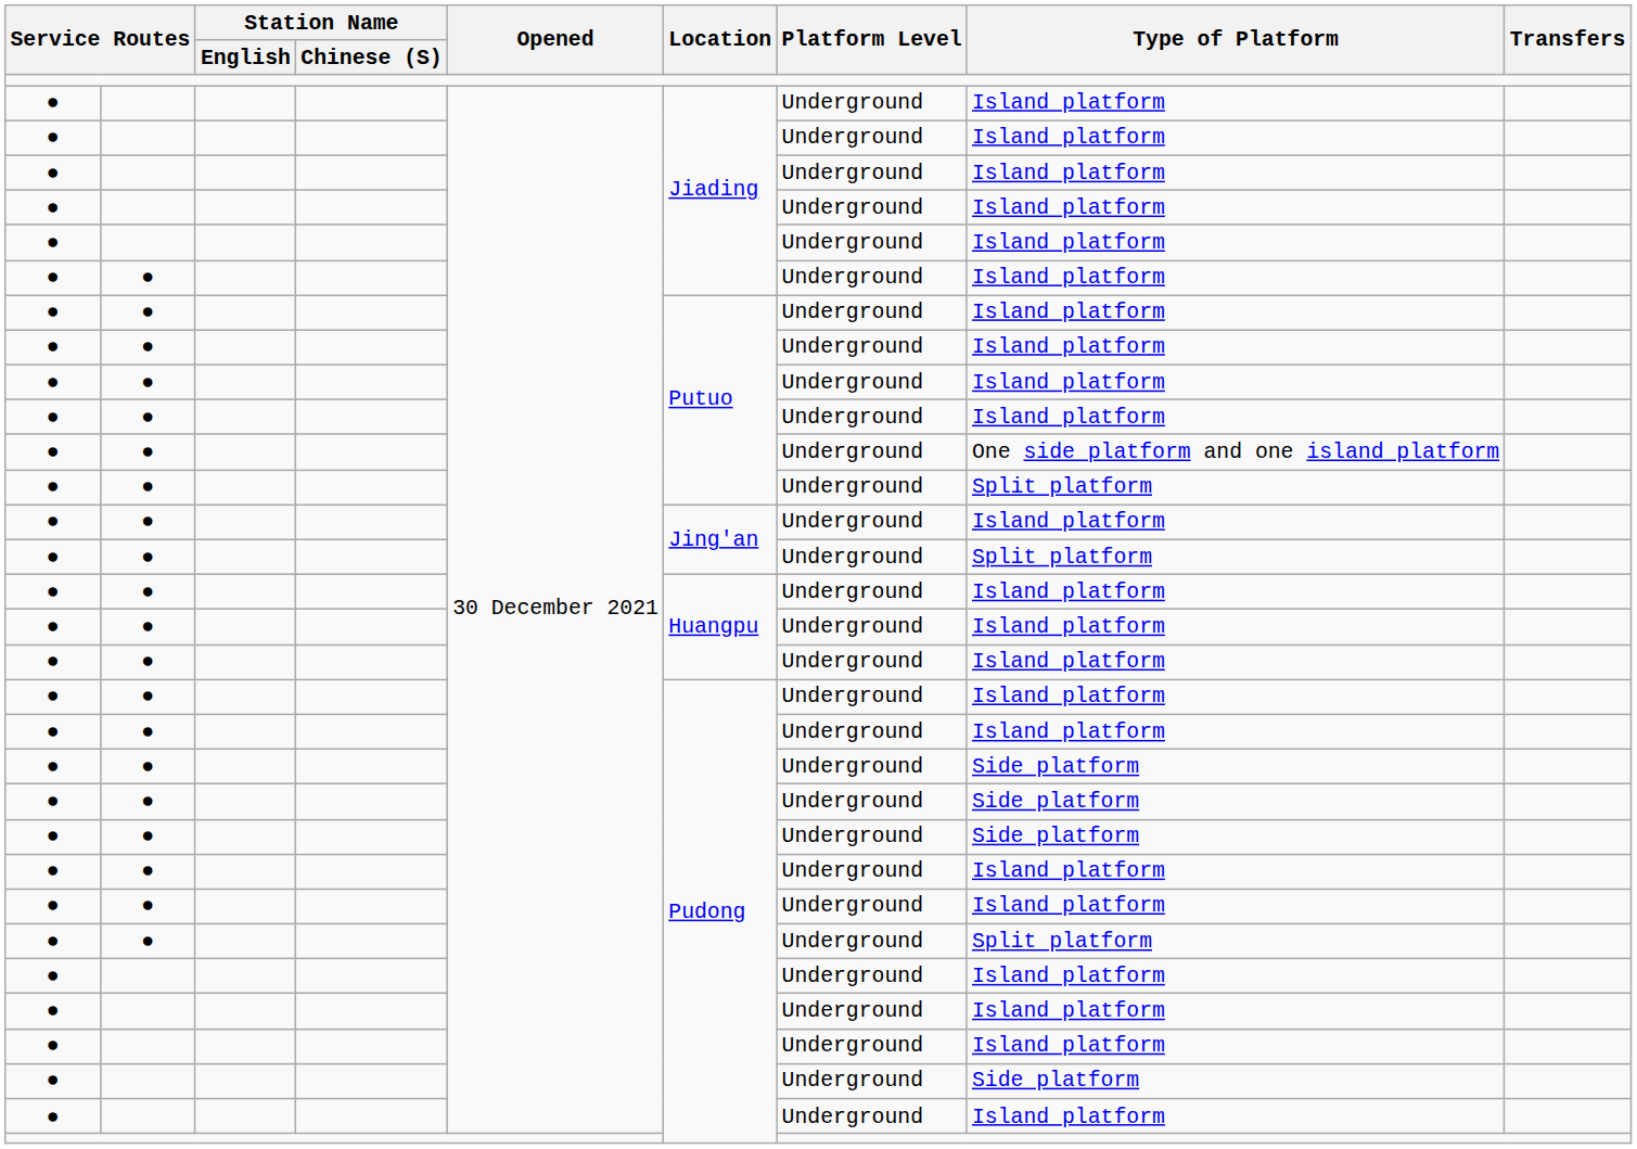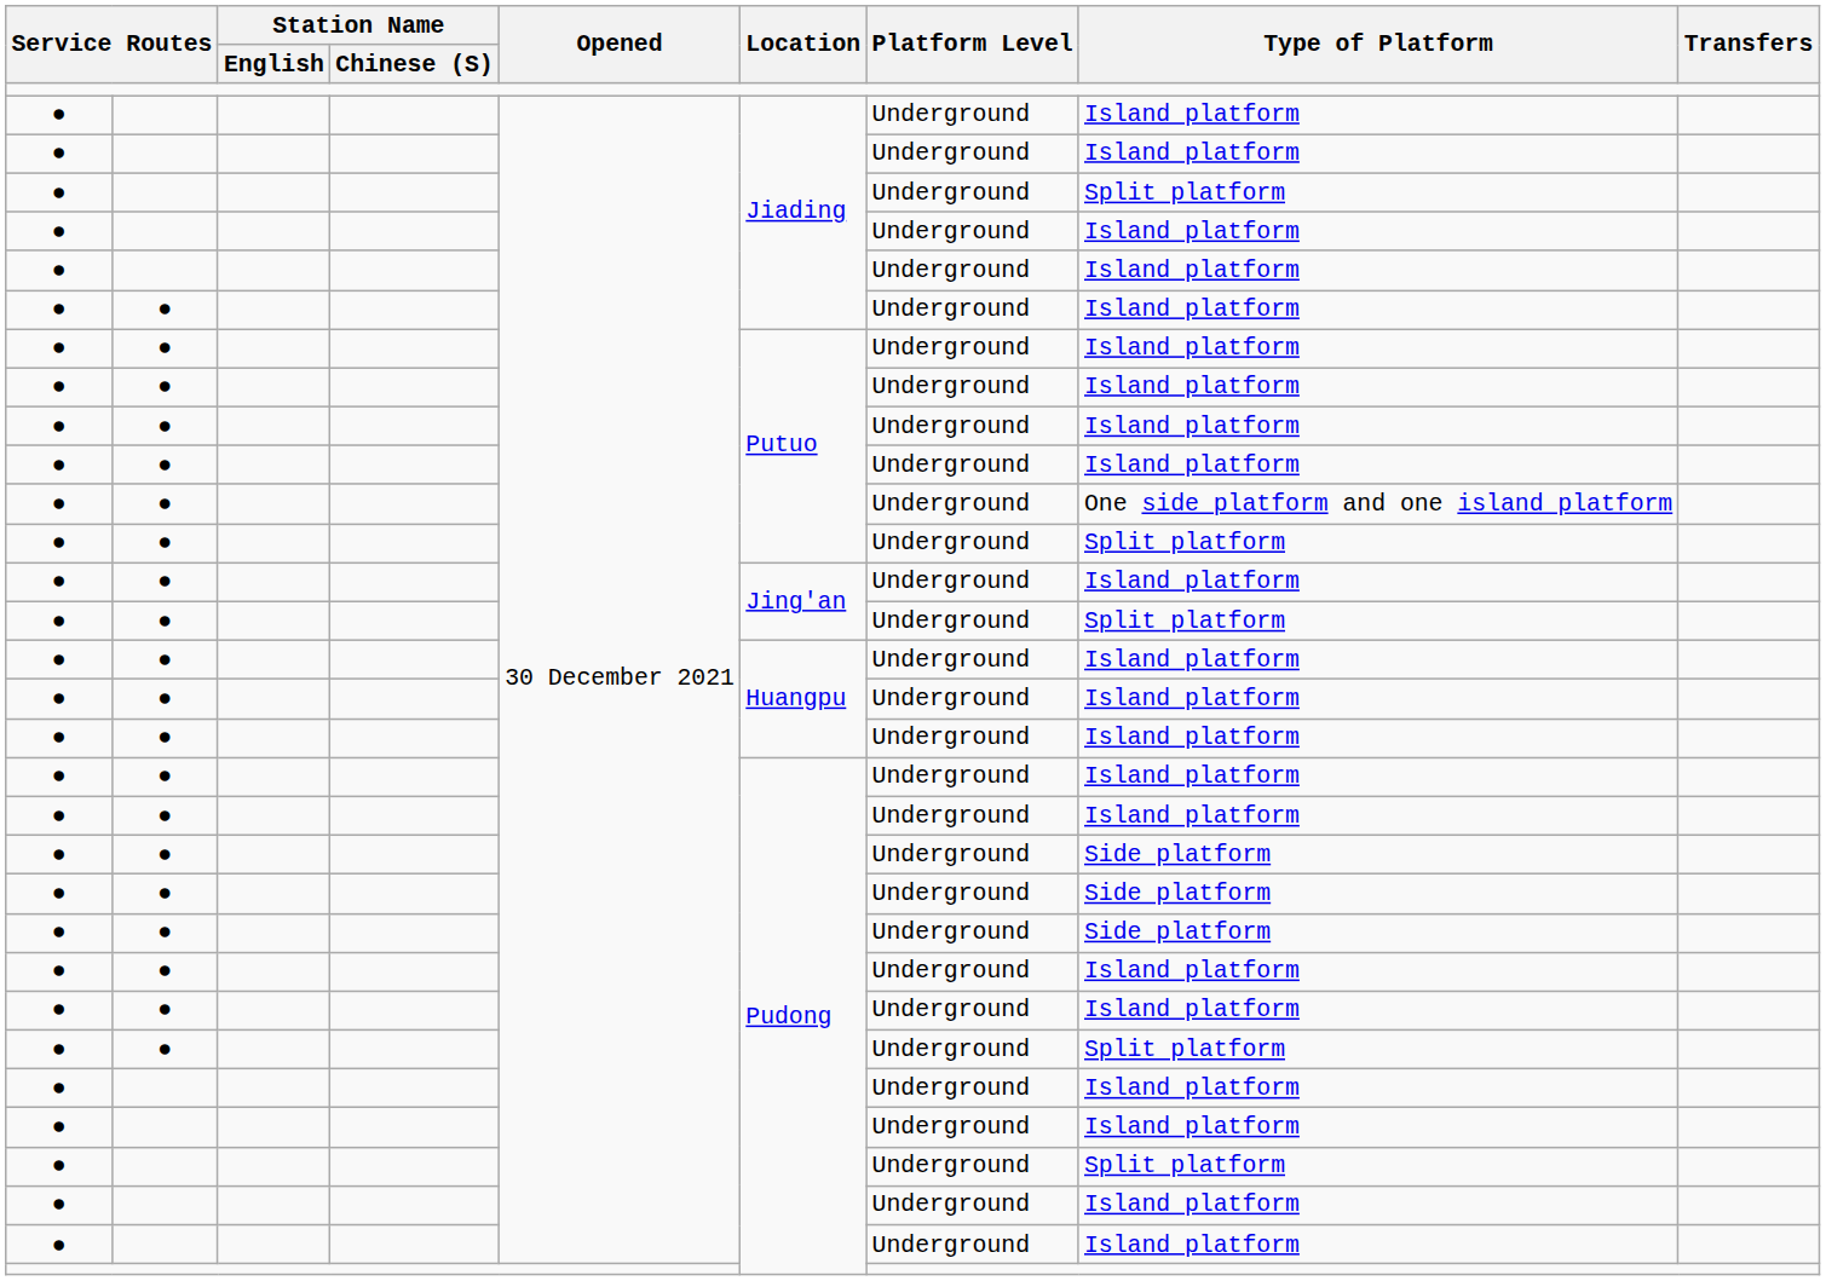 <table class=wikitable>
 <tr>
 <th colspan=2 rowspan=2>Service Routes</th>
 <th colspan=2 style="text-align:center;">Station Name</th>
 <th rowspan=2>Opened</th>
 <th rowspan=2 style="text-align:center;">Location</th>
 <th rowspan=2>Platform Level</th>
 <th rowspan=2>Type of Platform</th>
 <th rowspan=2 style="text-align:center;">Transfers</th>
 </tr>
 <tr>
 <th>English</th>
 <th>Chinese (S)</th>
 </tr>
 <tr style="background:#">
 <td colspan = "9"></td>
 </tr>
 <tr>
 <td align="center">●</td>
 <td align="center"></td>
 <td></td>
 <td><span></span></td>
 <td rowspan=30>30 December 2021</td>
 <td rowspan=6><a href='#'>Jiading</a></td>
 <td>Underground</td>
 <td><a href='#'>Island platform</a></td>
 <td></td>
 </tr>
 <tr>
 <td align="center">●</td>
 <td align="center"></td>
 <td></td>
 <td><span></span></td>
 <td>Underground</td>
 <td><a href='#'>Island platform</a></td>
 <td></td>
 </tr>
 <tr>
 <td align="center">●</td>
 <td align="center"></td>
 <td></td>
 <td><span></span></td>
 <td>Underground</td>
-<td><a href='#'>Island platform</a></td>
+<td><a href='#'>Split platform</a></td>
 <td></td>
 </tr>
 <tr>
 <td align="center">●</td>
 <td align="center"></td>
 <td></td>
 <td><span></span></td>
 <td>Underground</td>
 <td><a href='#'>Island platform</a></td>
 <td></td>
 </tr>
 <tr>
 <td align="center">●</td>
 <td align="center"></td>
 <td></td>
 <td><span></span></td>
 <td>Underground</td>
 <td><a href='#'>Island platform</a></td>
 <td></td>
 </tr>
 <tr>
 <td align="center">●</td>
 <td align="center">●</td>
 <td></td>
 <td><span></span></td>
 <td>Underground</td>
 <td><a href='#'>Island platform</a></td>
 <td></td>
 </tr>
 <tr>
 <td align="center">●</td>
 <td align="center">●</td>
 <td></td>
 <td><span></span></td>
 <td rowspan=6><a href='#'>Putuo</a></td>
 <td>Underground</td>
 <td><a href='#'>Island platform</a></td>
 <td></td>
 </tr>
 <tr>
 <td align="center">●</td>
 <td align="center">●</td>
 <td></td>
 <td><span></span></td>
 <td>Underground</td>
 <td><a href='#'>Island platform</a></td>
 <td></td>
 </tr>
 <tr>
 <td align="center">●</td>
 <td align="center">●</td>
 <td></td>
 <td><span></span></td>
 <td>Underground</td>
 <td><a href='#'>Island platform</a></td>
 <td></td>
 </tr>
 <tr>
 <td align="center">●</td>
 <td align="center">●</td>
 <td></td>
 <td><span></span></td>
 <td>Underground</td>
 <td><a href='#'>Island platform</a></td>
 <td></td>
 </tr>
 <tr>
 <td align="center">●</td>
 <td align="center">●</td>
 <td></td>
 <td><span></span></td>
 <td>Underground</td>
 <td>One <a href='#'>side platform</a> and one <a href='#'>island platform</a></td>
 <td></td>
 </tr>
 <tr>
 <td align="center">●</td>
 <td align="center">●</td>
 <td></td>
 <td><span></span></td>
 <td>Underground</td>
 <td><a href='#'>Split platform</a></td>
 <td></td>
 </tr>
 <tr>
 <td align="center">●</td>
 <td align="center">●</td>
 <td></td>
 <td><span></span></td>
 <td rowspan=2><a href='#'>Jing'an</a></td>
 <td>Underground</td>
 <td><a href='#'>Island platform</a></td>
 <td></td>
 </tr>
 <tr>
 <td align="center">●</td>
 <td align="center">●</td>
 <td></td>
 <td><span></span></td>
 <td>Underground</td>
 <td><a href='#'>Split platform</a></td>
 <td></td>
 </tr>
 <tr>
 <td align="center">●</td>
 <td align="center">●</td>
 <td></td>
 <td><span></span></td>
 <td rowspan=3><a href='#'>Huangpu</a></td>
 <td>Underground</td>
 <td><a href='#'>Island platform</a></td>
 <td></td>
 </tr>
 <tr>
 <td align="center">●</td>
 <td align="center">●</td>
 <td></td>
 <td><span></span></td>
 <td>Underground</td>
 <td><a href='#'>Island platform</a></td>
 <td></td>
 </tr>
 <tr>
 <td align="center">●</td>
 <td align="center">●</td>
 <td></td>
 <td><span></span></td>
 <td>Underground</td>
 <td><a href='#'>Island platform</a></td>
 <td></td>
 </tr>
 <tr>
 <td align="center">●</td>
 <td align="center">●</td>
 <td></td>
 <td><span></span></td>
 <td rowspan="14"><a href='#'>Pudong</a></td>
 <td>Underground</td>
 <td><a href='#'>Island platform</a></td>
 <td></td>
 </tr>
 <tr>
 <td align="center">●</td>
 <td align="center">●</td>
 <td></td>
 <td><span></span></td>
 <td>Underground</td>
 <td><a href='#'>Island platform</a></td>
 <td></td>
 </tr>
 <tr>
 <td align="center">●</td>
 <td align="center">●</td>
 <td></td>
 <td><span></span></td>
 <td>Underground</td>
 <td><a href='#'>Side platform</a></td>
 <td></td>
 </tr>
 <tr>
 <td align="center">●</td>
 <td align="center">●</td>
 <td></td>
 <td><span></span></td>
 <td>Underground</td>
 <td><a href='#'>Side platform</a></td>
 <td></td>
 </tr>
 <tr>
 <td align="center">●</td>
 <td align="center">●</td>
 <td></td>
 <td><span></span></td>
 <td>Underground</td>
 <td><a href='#'>Side platform</a></td>
 <td></td>
 </tr>
 <tr>
 <td align="center">●</td>
 <td align="center">●</td>
 <td></td>
 <td><span></span></td>
 <td>Underground</td>
 <td><a href='#'>Island platform</a></td>
 <td></td>
 </tr>
 <tr>
 <td align="center">●</td>
 <td align="center">●</td>
 <td></td>
 <td><span></span></td>
 <td>Underground</td>
 <td><a href='#'>Island platform</a></td>
 <td></td>
 </tr>
 <tr>
 <td align="center">●</td>
 <td align="center">●</td>
 <td></td>
 <td><span></span></td>
 <td>Underground</td>
 <td><a href='#'>Split platform</a></td>
 <td></td>
 </tr>
 <tr>
 <td align="center">●</td>
 <td align="center"></td>
 <td></td>
 <td><span></span></td>
 <td>Underground</td>
 <td><a href='#'>Island platform</a></td>
 <td></td>
 </tr>
 <tr>
 <td align="center">●</td>
 <td align="center"></td>
 <td></td>
 <td><span></span></td>
 <td>Underground</td>
 <td><a href='#'>Island platform</a></td>
 <td></td>
 </tr>
 <tr>
 <td align="center">●</td>
 <td align="center"></td>
 <td></td>
 <td><span></span></td>
 <td>Underground</td>
-<td><a href='#'>Island platform</a></td>
+<td><a href='#'>Split platform</a></td>
 <td></td>
 </tr>
 <tr>
 <td align="center">●</td>
 <td align="center"></td>
 <td></td>
 <td><span></span></td>
 <td>Underground</td>
-<td><a href='#'>Side platform</a></td>
+<td><a href='#'>Island platform</a></td>
 <td></td>
 </tr>
 <tr>
 <td align="center">●</td>
 <td align="center"></td>
 <td></td>
 <td><span></span></td>
 <td>Underground</td>
 <td><a href='#'>Island platform</a></td>
 <td></td>
 </tr>
 <tr style=background:#>
 <td colspan=9></td>
 </tr>
 </table>
